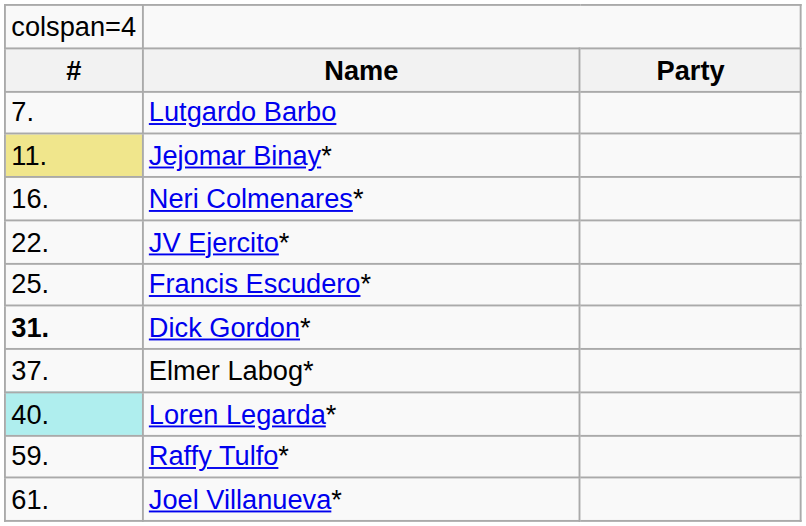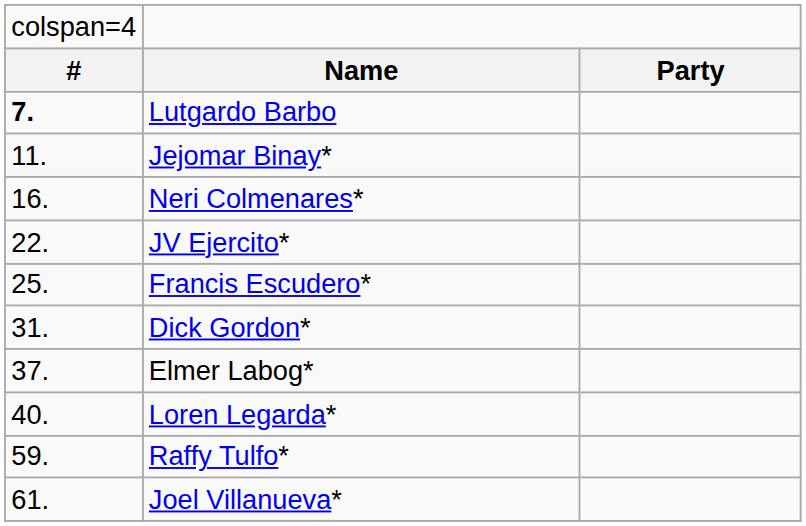 <table class=wikitable style="font-size:90%">
 <tr>
 <td>colspan=4 </td>
 </tr>
 <tr>
 <th>#</th>
 <th width=55%>Name</th>
 <th colspan=2 width=110px>Party</th>
 </tr>
 <tr>
-<td>7.</td>
+<td><strong>7.</strong></td>
 <td><a href='#'>Lutgardo Barbo</a></td>
 <td></td>
 </tr>
 <tr>
-<td style="background: khaki;">11.</td>
+<td>11.</td>
 <td><a href='#'>Jejomar Binay</a>*</td>
 <td></td>
 </tr>
 <tr>
 <td>16.</td>
 <td><a href='#'>Neri Colmenares</a>*</td>
 <td></td>
 </tr>
 <tr>
 <td>22.</td>
 <td><a href='#'>JV Ejercito</a>*</td>
 <td></td>
 </tr>
 <tr>
 <td>25.</td>
 <td><a href='#'>Francis Escudero</a>*</td>
 <td></td>
 </tr>
 <tr>
-<td><strong>31.</strong></td>
+<td>31.</td>
 <td><a href='#'>Dick Gordon</a>*</td>
 <td></td>
 </tr>
 <tr>
 <td>37.</td>
 <td>Elmer Labog*</td>
 <td></td>
 </tr>
 <tr>
-<td style="background: paleturquoise;">40.</td>
+<td>40.</td>
 <td><a href='#'>Loren Legarda</a>*</td>
 <td></td>
 </tr>
 <tr>
 <td>59.</td>
 <td><a href='#'>Raffy Tulfo</a>*</td>
 <td></td>
 </tr>
 <tr>
 <td>61.</td>
 <td><a href='#'>Joel Villanueva</a>*</td>
 <td></td>
 </tr>
 </table>
